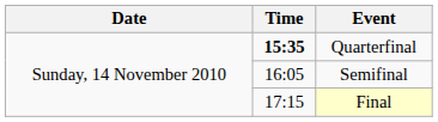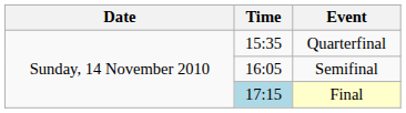 <table class = "wikitable" style="text-align:center;">
 <tr>
 <th width=220>Date</th>
 <th width=50>Time</th>
 <th width=100>Event</th>
 </tr>
 <tr>
 <td rowspan=3>Sunday, 14 November 2010</td>
-<td><strong>15:35</strong></td>
+<td>15:35</td>
 <td>Quarterfinal</td>
 </tr>
 <tr>
 <td>16:05</td>
 <td>Semifinal</td>
 </tr>
 <tr>
-<td>17:15</td>
+<td style="background: lightblue;">17:15</td>
 <td bgcolor=ffffcc>Final</td>
 </tr>
 </table>
